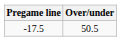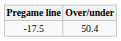 <table class="wikitable" style="margin-left: auto; margin-right: auto; border: none; display: inline-table;">
 <tr align="center">
 <th style=>Pregame line</th>
 <th style=>Over/under</th>
 </tr>
 <tr align="center">
 <td>-17.5</td>
-<td>50.5</td>
+<td>50.4</td>
 </tr>
 </table>
